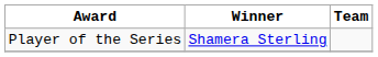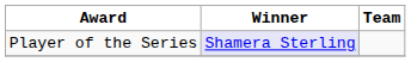 <table class="wikitable collapsible">
 <tr>
 <th style="background:white;">Award</th>
 <th style="background:white;">Winner</th>
 <th style="background:white;">Team</th>
 </tr>
 <tr>
 <td>Player of the Series</td>
-<td><a href='#'>Shamera Sterling</a></td>
+<td style="background: lavender;"><a href='#'>Shamera Sterling</a></td>
 <td></td>
 </tr>
 <tr>
 </tr>
 </table>
